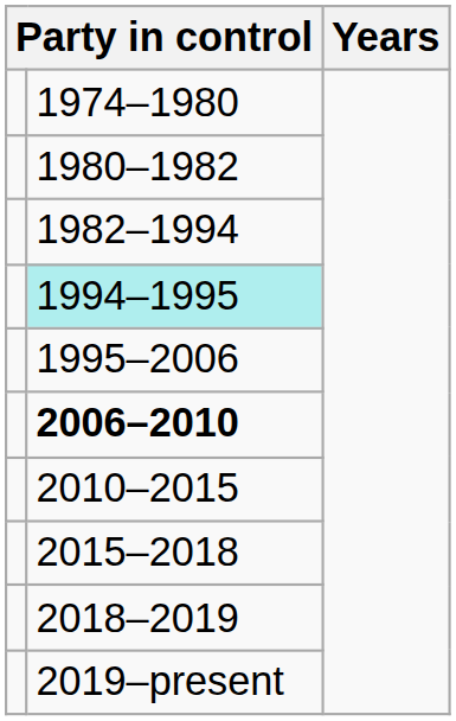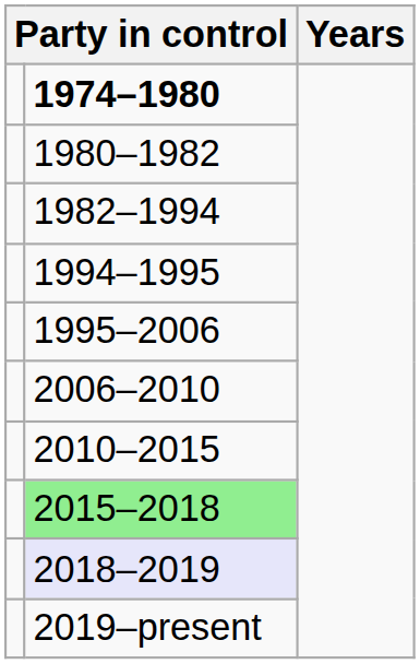 <table class="wikitable">
 <tr>
 <th colspan=2>Party in control</th>
 <th>Years</th>
 </tr>
 <tr>
 <td></td>
-<td>1974–1980</td>
+<td><strong>1974–1980</strong></td>
 </tr>
 <tr>
 <td></td>
 <td>1980–1982</td>
 </tr>
 <tr>
 <td></td>
 <td>1982–1994</td>
 </tr>
 <tr>
 <td></td>
-<td style="background: paleturquoise;">1994–1995</td>
+<td>1994–1995</td>
 </tr>
 <tr>
 <td></td>
 <td>1995–2006</td>
 </tr>
 <tr>
 <td></td>
-<td><strong>2006–2010</strong></td>
+<td>2006–2010</td>
 </tr>
 <tr>
 <td></td>
 <td>2010–2015</td>
 </tr>
 <tr>
 <td></td>
-<td>2015–2018</td>
+<td style="background: lightgreen;">2015–2018</td>
 </tr>
 <tr>
 <td></td>
-<td>2018–2019</td>
+<td style="background: lavender;">2018–2019</td>
 </tr>
 <tr>
 <td></td>
 <td>2019–present</td>
 </tr>
 </table>
